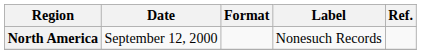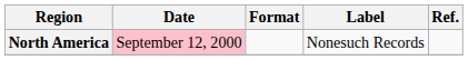 <table class="wikitable plainrowheaders">
 <tr>
 <th scope="col">Region</th>
 <th scope="col">Date</th>
 <th scope="col">Format</th>
 <th scope="col">Label</th>
 <th scope="col">Ref.</th>
 </tr>
 <tr>
 <th scope="row">North America</th>
-<td>September 12, 2000</td>
+<td style="background: pink;">September 12, 2000</td>
 <td></td>
 <td>Nonesuch Records</td>
 <td></td>
 </tr>
 <tr>
 </tr>
 </table>
